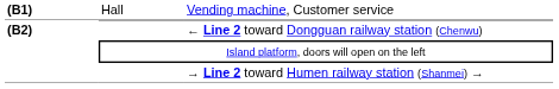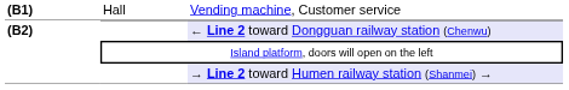 <table table border=0 cellspacing=0 cellpadding=3>
 <tr>
 <td style="border-bottom:solid 1px gray;border-top:solid 0px gray;" width=110 valign=top><strong>(B1)</strong></td>
 <td style="border-top:solid 0px gray;border-bottom:solid 1px gray;" width=100 valign=top>Hall</td>
 <td style="border-top:solid 0px gray;border-bottom:solid 1px gray;" width=390 valign=top><a href='#'>Vending machine</a>, Customer service</td>
 </tr>
 <tr>
 <td style="border-top:solid 0px gray;border-bottom:solid 1px gray;" width=110 rowspan=3 valign=top><strong>(B2)</strong></td>
 <td style="border-top:solid 1px gray;" width=100><span></span></td>
-<td style="border-top:solid 1px gray;" width=450>← <a href='#'><span><strong>Line 2</strong></span></a> toward <a href='#'>Dongguan railway station</a> <small>(<a href='#'>Chenwu</a>)</small></td>
+<td style="background: lavender; border-top:solid 1px gray;" width=450>← <a href='#'><span><strong>Line 2</strong></span></a> toward <a href='#'>Dongguan railway station</a> <small>(<a href='#'>Chenwu</a>)</small></td>
 </tr>
 <tr>
 <td style="border-top:solid 2px black;border-right:solid 2px black;border-left:solid 2px black;border-bottom:solid 2px black;text-align:center;" colspan=2><small><a href='#'>Island platform</a>, doors will open on the left</small></td>
 </tr>
 <tr>
 <td style="border-bottom:solid 1px gray;" width=100><span></span></td>
-<td style="border-bottom:solid 1px gray;" width=390><span>→</span> <a href='#'><span><strong>Line 2</strong></span></a> toward <a href='#'>Humen railway station</a> <small>(<a href='#'>Shanmei</a>)</small> →</td>
+<td style="background: lavender; border-bottom:solid 1px gray;" width=390><span>→</span> <a href='#'><span><strong>Line 2</strong></span></a> toward <a href='#'>Humen railway station</a> <small>(<a href='#'>Shanmei</a>)</small> →</td>
 </tr>
 </table>
